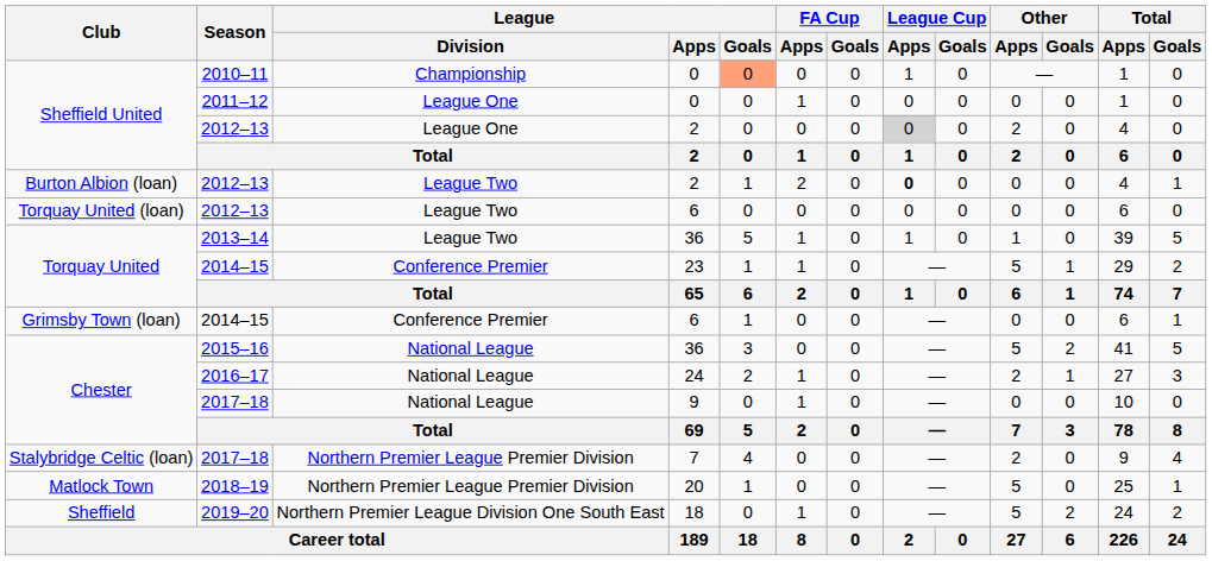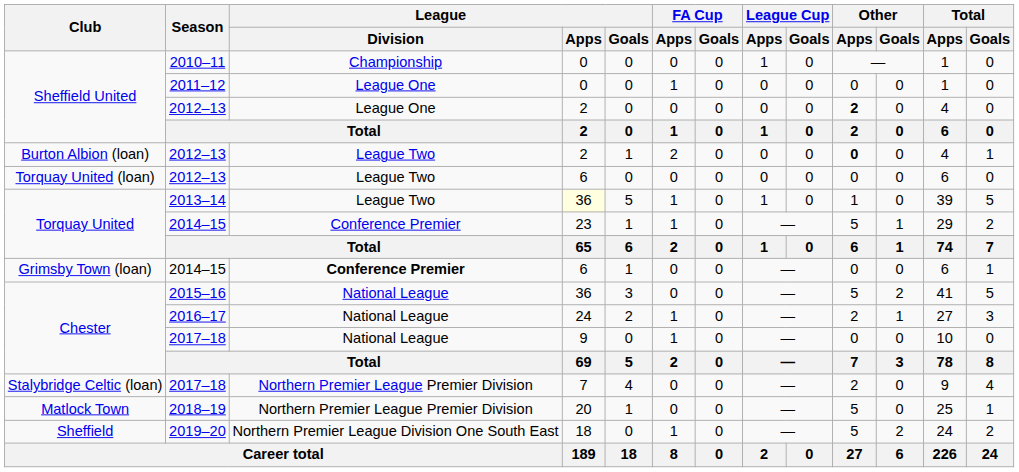 <table class="wikitable" style="text-align:center;">
 <tr>
 <th rowspan="2">Club</th>
 <th rowspan="2">Season</th>
 <th colspan="3">League</th>
 <th colspan="2"><a href='#'>FA Cup</a></th>
 <th colspan="2"><a href='#'>League Cup</a></th>
 <th colspan="2">Other</th>
 <th colspan="2">Total</th>
 </tr>
 <tr>
 <th>Division</th>
 <th>Apps</th>
 <th>Goals</th>
 <th>Apps</th>
 <th>Goals</th>
 <th>Apps</th>
 <th>Goals</th>
 <th>Apps</th>
 <th>Goals</th>
 <th>Apps</th>
 <th>Goals</th>
 </tr>
 <tr>
 <td rowspan="4"><a href='#'>Sheffield United</a></td>
 <td><a href='#'>2010–11</a></td>
 <td><a href='#'>Championship</a></td>
 <td>0</td>
-<td style="background: lightsalmon;">0</td>
+<td>0</td>
 <td>0</td>
 <td>0</td>
 <td>1</td>
 <td>0</td>
 <td colspan="2">—</td>
 <td>1</td>
 <td>0</td>
 </tr>
 <tr>
 <td><a href='#'>2011–12</a></td>
 <td><a href='#'>League One</a></td>
 <td>0</td>
 <td>0</td>
 <td>1</td>
 <td>0</td>
 <td>0</td>
 <td>0</td>
 <td>0</td>
 <td>0</td>
 <td>1</td>
 <td>0</td>
 </tr>
 <tr>
 <td><a href='#'>2012–13</a></td>
 <td>League One</td>
 <td>2</td>
 <td>0</td>
 <td>0</td>
 <td>0</td>
-<td style="background: lightgrey;">0</td>
 <td>0</td>
-<td>2</td>
+<td>0</td>
+<td><strong>2</strong></td>
 <td>0</td>
 <td>4</td>
 <td>0</td>
 </tr>
 <tr>
 <th colspan=2>Total</th>
 <th>2</th>
 <th>0</th>
 <th>1</th>
 <th>0</th>
 <th>1</th>
 <th>0</th>
 <th>2</th>
 <th>0</th>
 <th>6</th>
 <th>0</th>
 </tr>
 <tr>
 <td><a href='#'>Burton Albion</a> (loan)</td>
 <td><a href='#'>2012–13</a></td>
 <td><a href='#'>League Two</a></td>
 <td>2</td>
 <td>1</td>
 <td>2</td>
 <td>0</td>
-<td><strong>0</strong></td>
 <td>0</td>
 <td>0</td>
+<td><strong>0</strong></td>
 <td>0</td>
 <td>4</td>
 <td>1</td>
 </tr>
 <tr>
 <td><a href='#'>Torquay United</a> (loan)</td>
 <td><a href='#'>2012–13</a></td>
 <td>League Two</td>
 <td>6</td>
 <td>0</td>
 <td>0</td>
 <td>0</td>
 <td>0</td>
 <td>0</td>
 <td>0</td>
 <td>0</td>
 <td>6</td>
 <td>0</td>
 </tr>
 <tr>
 <td rowspan="3"><a href='#'>Torquay United</a></td>
 <td><a href='#'>2013–14</a></td>
 <td>League Two</td>
-<td>36</td>
+<td style="background: lightyellow;">36</td>
 <td>5</td>
 <td>1</td>
 <td>0</td>
 <td>1</td>
 <td>0</td>
 <td>1</td>
 <td>0</td>
 <td>39</td>
 <td>5</td>
 </tr>
 <tr>
 <td><a href='#'>2014–15</a></td>
 <td><a href='#'>Conference Premier</a></td>
 <td>23</td>
 <td>1</td>
 <td>1</td>
 <td>0</td>
 <td colspan="2">—</td>
 <td>5</td>
 <td>1</td>
 <td>29</td>
 <td>2</td>
 </tr>
 <tr>
 <th colspan=2>Total</th>
 <th>65</th>
 <th>6</th>
 <th>2</th>
 <th>0</th>
 <th>1</th>
 <th>0</th>
 <th>6</th>
 <th>1</th>
 <th>74</th>
 <th>7</th>
 </tr>
 <tr>
 <td><a href='#'>Grimsby Town</a> (loan)</td>
 <td>2014–15</td>
-<td>Conference Premier</td>
+<td><strong>Conference Premier</strong></td>
 <td>6</td>
 <td>1</td>
 <td>0</td>
 <td>0</td>
 <td colspan="2">—</td>
 <td>0</td>
 <td>0</td>
 <td>6</td>
 <td>1</td>
 </tr>
 <tr>
 <td rowspan="4"><a href='#'>Chester</a></td>
 <td><a href='#'>2015–16</a></td>
 <td><a href='#'>National League</a></td>
 <td>36</td>
 <td>3</td>
 <td>0</td>
 <td>0</td>
 <td colspan="2">—</td>
 <td>5</td>
 <td>2</td>
 <td>41</td>
 <td>5</td>
 </tr>
 <tr>
 <td><a href='#'>2016–17</a></td>
 <td>National League</td>
 <td>24</td>
 <td>2</td>
 <td>1</td>
 <td>0</td>
 <td colspan="2">—</td>
 <td>2</td>
 <td>1</td>
 <td>27</td>
 <td>3</td>
 </tr>
 <tr>
 <td><a href='#'>2017–18</a></td>
 <td>National League</td>
 <td>9</td>
 <td>0</td>
 <td>1</td>
 <td>0</td>
 <td colspan="2">—</td>
 <td>0</td>
 <td>0</td>
 <td>10</td>
 <td>0</td>
 </tr>
 <tr>
 <th colspan=2>Total</th>
 <th>69</th>
 <th>5</th>
 <th>2</th>
 <th>0</th>
 <th colspan="2">—</th>
 <th>7</th>
 <th>3</th>
 <th>78</th>
 <th>8</th>
 </tr>
 <tr>
 <td><a href='#'>Stalybridge Celtic</a> (loan)</td>
 <td><a href='#'>2017–18</a></td>
 <td><a href='#'>Northern Premier League</a> Premier Division</td>
 <td>7</td>
 <td>4</td>
 <td>0</td>
 <td>0</td>
 <td colspan="2">—</td>
 <td>2</td>
 <td>0</td>
 <td>9</td>
 <td>4</td>
 </tr>
 <tr>
 <td><a href='#'>Matlock Town</a></td>
 <td><a href='#'>2018–19</a></td>
 <td>Northern Premier League Premier Division</td>
 <td>20</td>
 <td>1</td>
 <td>0</td>
 <td>0</td>
 <td colspan="2">—</td>
 <td>5</td>
 <td>0</td>
 <td>25</td>
 <td>1</td>
 </tr>
 <tr>
 <td><a href='#'>Sheffield</a></td>
 <td><a href='#'>2019–20</a></td>
 <td>Northern Premier League Division One South East</td>
 <td>18</td>
 <td>0</td>
 <td>1</td>
 <td>0</td>
 <td colspan="2">—</td>
 <td>5</td>
 <td>2</td>
 <td>24</td>
 <td>2</td>
 </tr>
 <tr>
 <th colspan="3">Career total</th>
 <th>189</th>
 <th>18</th>
 <th>8</th>
 <th>0</th>
 <th>2</th>
 <th>0</th>
 <th>27</th>
 <th>6</th>
 <th>226</th>
 <th>24</th>
 </tr>
 </table>
